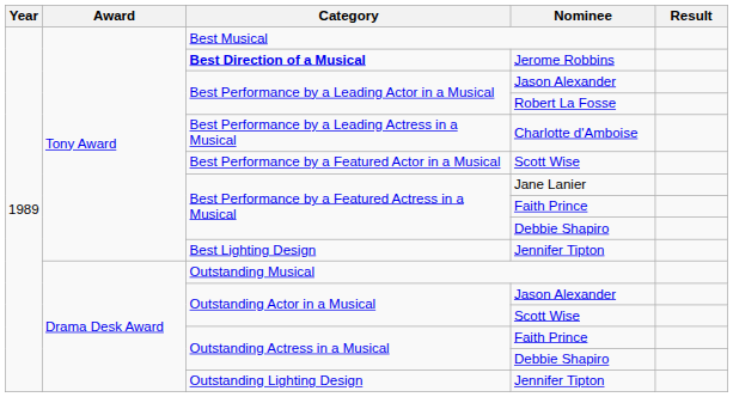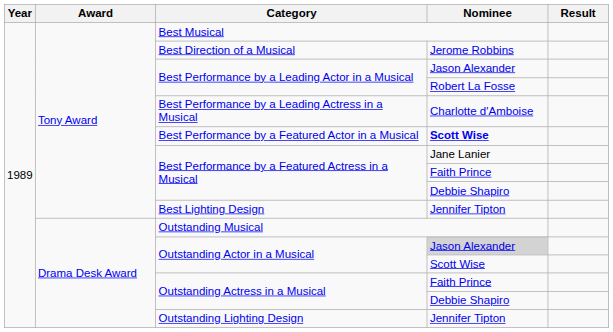 <table class="wikitable" width="95%">
 <tr>
 <th width="5%">Year</th>
 <th width="20%">Award</th>
 <th width="45%">Category</th>
 <th width="20%">Nominee</th>
 <th width="10%">Result</th>
 </tr>
 <tr>
 <td rowspan="16" align="center">1989</td>
 <td rowspan="10"><a href='#'>Tony Award</a></td>
 <td colspan="2"><a href='#'>Best Musical</a></td>
 <td></td>
 </tr>
 <tr>
-<td><strong><a href='#'>Best Direction of a Musical</a></strong></td>
+<td><a href='#'>Best Direction of a Musical</a></td>
 <td><a href='#'>Jerome Robbins</a></td>
 <td></td>
 </tr>
 <tr>
 <td rowspan="2"><a href='#'>Best Performance by a Leading Actor in a Musical</a></td>
 <td><a href='#'>Jason Alexander</a></td>
 <td></td>
 </tr>
 <tr>
 <td><a href='#'>Robert La Fosse</a></td>
 <td></td>
 </tr>
 <tr>
 <td><a href='#'>Best Performance by a Leading Actress in a Musical</a></td>
 <td><a href='#'>Charlotte d'Amboise</a></td>
 <td></td>
 </tr>
 <tr>
 <td><a href='#'>Best Performance by a Featured Actor in a Musical</a></td>
-<td><a href='#'>Scott Wise</a></td>
+<td><strong><a href='#'>Scott Wise</a></strong></td>
 <td></td>
 </tr>
 <tr>
 <td rowspan="3"><a href='#'>Best Performance by a Featured Actress in a Musical</a></td>
 <td>Jane Lanier</td>
 <td></td>
 </tr>
 <tr>
 <td><a href='#'>Faith Prince</a></td>
 <td></td>
 </tr>
 <tr>
 <td><a href='#'>Debbie Shapiro</a></td>
 <td></td>
 </tr>
 <tr>
 <td><a href='#'>Best Lighting Design</a></td>
 <td><a href='#'>Jennifer Tipton</a></td>
 <td></td>
 </tr>
 <tr>
 <td rowspan="6"><a href='#'>Drama Desk Award</a></td>
 <td colspan="2"><a href='#'>Outstanding Musical</a></td>
 <td></td>
 </tr>
 <tr>
 <td rowspan="2"><a href='#'>Outstanding Actor in a Musical</a></td>
-<td><a href='#'>Jason Alexander</a></td>
+<td style="background: lightgrey;"><a href='#'>Jason Alexander</a></td>
 <td></td>
 </tr>
 <tr>
 <td><a href='#'>Scott Wise</a></td>
 <td></td>
 </tr>
 <tr>
 <td rowspan="2"><a href='#'>Outstanding Actress in a Musical</a></td>
 <td><a href='#'>Faith Prince</a></td>
 <td></td>
 </tr>
 <tr>
 <td><a href='#'>Debbie Shapiro</a></td>
 <td></td>
 </tr>
 <tr>
 <td><a href='#'>Outstanding Lighting Design</a></td>
 <td><a href='#'>Jennifer Tipton</a></td>
 <td></td>
 </tr>
 </table>
